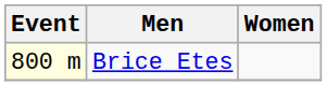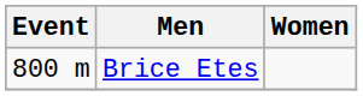 <table class=wikitable style="font-size:100%">
 <tr>
 <th>Event</th>
 <th>Men</th>
 <th>Women</th>
 </tr>
 <tr>
-<td style="background: lightyellow;">800 m</td>
+<td>800 m</td>
 <td><a href='#'>Brice Etes</a></td>
 <td></td>
 </tr>
 <tr>
 </tr>
 </table>
